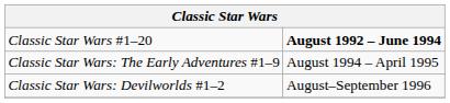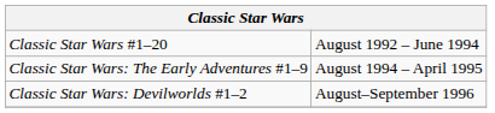 <table class="wikitable">
 <tr>
 <th colspan="2"><strong><em>Classic Star Wars</em></strong></th>
 </tr>
 <tr>
 <td><em>Classic Star Wars</em> #1–20</td>
-<td><strong>August 1992 – June 1994</strong></td>
+<td>August 1992 – June 1994</td>
 </tr>
 <tr>
 <td><em>Classic Star Wars: The Early Adventures</em> #1–9</td>
 <td>August 1994 – April 1995</td>
 </tr>
 <tr>
 <td><em>Classic Star Wars: Devilworlds</em> #1–2</td>
 <td>August–September 1996</td>
 </tr>
 <tr>
 </tr>
 </table>
